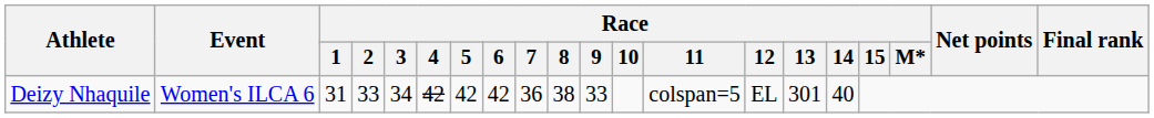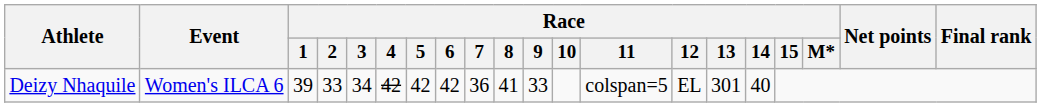 <table class="wikitable" style="font-size:90%">
 <tr>
 <th rowspan="2">Athlete</th>
 <th rowspan="2">Event</th>
 <th colspan=16>Race</th>
 <th rowspan=2>Net points</th>
 <th rowspan=2>Final rank</th>
 </tr>
 <tr style="font-size:95%">
 <th>1</th>
 <th>2</th>
 <th>3</th>
 <th>4</th>
 <th>5</th>
 <th>6</th>
 <th>7</th>
 <th>8</th>
 <th>9</th>
 <th>10</th>
 <th>11</th>
 <th>12</th>
 <th>13</th>
 <th>14</th>
 <th>15</th>
 <th>M*</th>
 </tr>
 <tr align=center>
 <td align=left><a href='#'>Deizy Nhaquile</a></td>
 <td align=left><a href='#'>Women's ILCA 6</a></td>
-<td>31</td>
+<td>39</td>
 <td>33</td>
 <td>34</td>
 <td><s>42</s></td>
 <td>42</td>
 <td>42</td>
 <td>36</td>
-<td>38</td>
+<td>41</td>
 <td>33</td>
 <td></td>
 <td>colspan=5 </td>
 <td>EL</td>
 <td>301</td>
 <td>40</td>
 </tr>
 </table>
